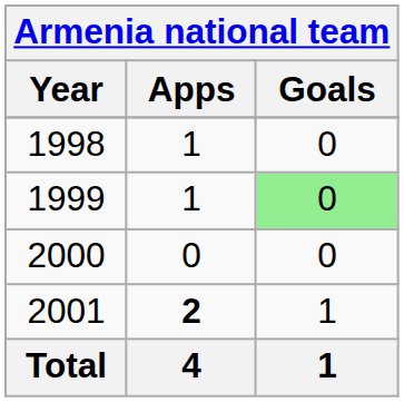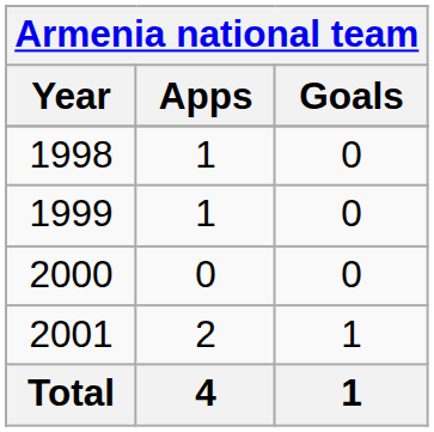 <table class="wikitable" style="text-align:center">
 <tr>
 <th colspan=3><a href='#'>Armenia national team</a></th>
 </tr>
 <tr>
 <th>Year</th>
 <th>Apps</th>
 <th>Goals</th>
 </tr>
 <tr>
 </tr>
 <tr>
 <td>1998</td>
 <td>1</td>
 <td>0</td>
 </tr>
 <tr>
 <td>1999</td>
 <td>1</td>
-<td style="background: lightgreen;">0</td>
+<td>0</td>
 </tr>
 <tr>
 <td>2000</td>
 <td>0</td>
 <td>0</td>
 </tr>
 <tr>
 <td>2001</td>
-<td><strong>2</strong></td>
+<td>2</td>
 <td>1</td>
 </tr>
 <tr>
 <th>Total</th>
 <th>4</th>
 <th>1</th>
 </tr>
 </table>
